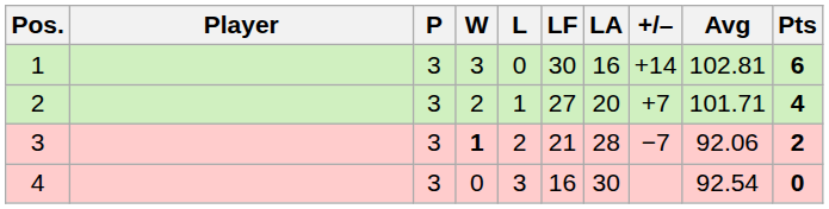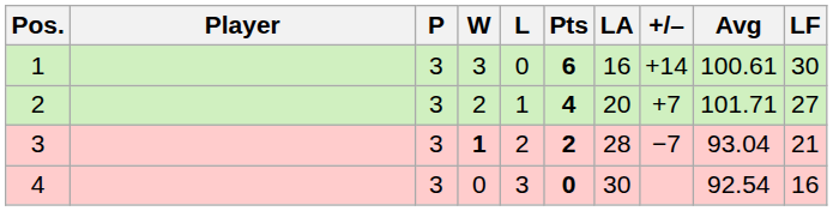 <table class="wikitable" style="text-align:center; margin: 1em auto 1em auto, align:left">
 <tr>
 <th width=20>Pos.</th>
 <th width=212>Player</th>
 <th width=20>P</th>
 <th width=20>W</th>
 <th width=20>L</th>
-<th width=20>LF</th>
+<th width=20>Pts</th>
 <th width=20>LA</th>
 <th width=25>+/–</th>
 <th width=50>Avg</th>
-<th width=20>Pts</th>
+<th width=20>LF</th>
 </tr>
 <tr style="background:#D0F0C0;">
 <td>1</td>
 <td align=left></td>
 <td>3</td>
 <td>3</td>
 <td>0</td>
-<td>30</td>
+<td><strong>6</strong></td>
 <td>16</td>
 <td>+14</td>
-<td>102.81</td>
-<td><strong>6</strong></td>
+<td>100.61</td>
+<td>30</td>
 </tr>
 <tr style="background:#D0F0C0;">
 <td>2</td>
 <td align=left></td>
 <td>3</td>
 <td>2</td>
 <td>1</td>
-<td>27</td>
+<td><strong>4</strong></td>
 <td>20</td>
 <td>+7</td>
 <td>101.71</td>
-<td><strong>4</strong></td>
+<td>27</td>
 </tr>
 <tr style="background:#FFCCCC;">
 <td>3</td>
 <td align=left></td>
 <td>3</td>
 <td><strong>1</strong></td>
 <td>2</td>
-<td>21</td>
+<td><strong>2</strong></td>
 <td>28</td>
 <td>−7</td>
-<td>92.06</td>
-<td><strong>2</strong></td>
+<td>93.04</td>
+<td>21</td>
 </tr>
 <tr style="background:#FFCCCC;">
 <td>4</td>
 <td align=left></td>
 <td>3</td>
 <td>0</td>
 <td>3</td>
-<td>16</td>
+<td><strong>0</strong></td>
 <td>30</td>
 <td></td>
 <td>92.54</td>
-<td><strong>0</strong></td>
+<td>16</td>
 </tr>
 </table>
